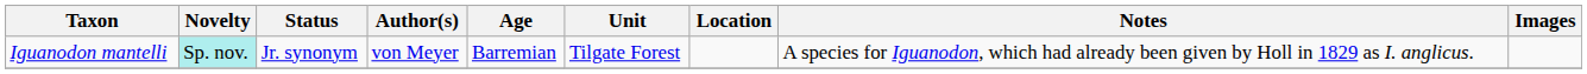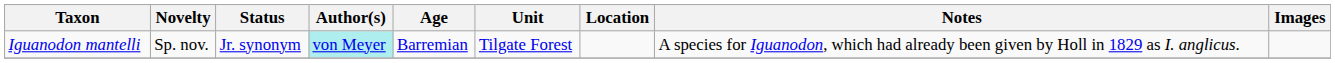 <table class="wikitable sortable" align="center" width="100%">
 <tr>
 <th>Taxon</th>
 <th>Novelty</th>
 <th>Status</th>
 <th>Author(s)</th>
 <th>Age</th>
 <th>Unit</th>
 <th>Location</th>
 <th>Notes</th>
 <th>Images</th>
 </tr>
 <tr>
 <td><em><a href='#'>Iguanodon mantelli</a></em></td>
-<td style="background: paleturquoise;">Sp. nov.</td>
+<td>Sp. nov.</td>
 <td><a href='#'>Jr. synonym</a></td>
-<td><a href='#'>von Meyer</a></td>
+<td style="background: paleturquoise;"><a href='#'>von Meyer</a></td>
 <td><a href='#'>Barremian</a></td>
 <td><a href='#'>Tilgate Forest</a></td>
 <td></td>
 <td>A species for <em><a href='#'>Iguanodon</a></em>, which had already been given by Holl in <a href='#'>1829</a> as <em>I. anglicus</em>.</td>
 <td></td>
 </tr>
 <tr>
 </tr>
 </table>
